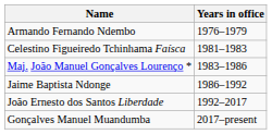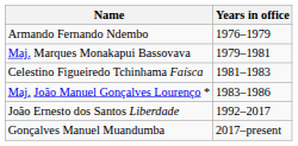 <table class="wikitable sortable">
 <tr>
 <th>Name</th>
 <th>Years in office</th>
 </tr>
 <tr>
 <td>Armando Fernando Ndembo</td>
 <td data-sort-value="04">1976–1979</td>
 </tr>
 <tr>
+<td><a href='#'>Maj.</a> Marques Monakapui Bassovava</td>
+<td data-sort-value="03">1979–1981</td>
+</tr>
+<tr>
 <td>Celestino Figueiredo Tchinhama <em>Faísca</em></td>
 <td data-sort-value="03">1981–1983</td>
 </tr>
 <tr>
 <td><a href='#'>Maj.</a> <a href='#'>João Manuel Gonçalves Lourenço</a> *</td>
 <td data-sort-value="04">1983–1986</td>
-</tr>
-<tr>
-<td>Jaime Baptista Ndonge</td>
-<td data-sort-value="07">1986–1992</td>
 </tr>
 <tr>
 <td>João Ernesto dos Santos <em>Liberdade</em></td>
 <td data-sort-value="26">1992–2017</td>
 </tr>
 <tr>
 <td>Gonçalves Manuel Muandumba</td>
 <td data-sort-value="03">2017–present</td>
 </tr>
 </table>
